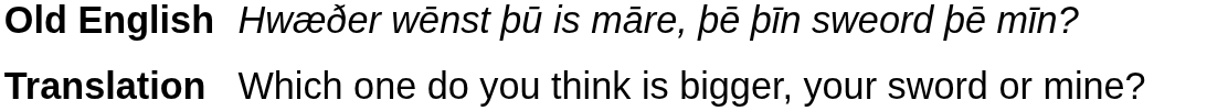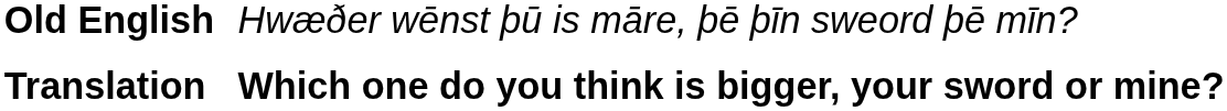 <table border="0" cellspacing="2" cellpadding="4">
 <tr>
 <td><strong>Old English</strong></td>
 <td><em>Hwæðer wēnst þū is māre, þē þīn sweord þē mīn?</em></td>
 </tr>
 <tr>
 <td><strong>Translation</strong></td>
-<td>Which one do you think is bigger, your sword or mine?</td>
+<td><strong>Which one do you think is bigger, your sword or mine?</strong></td>
 </tr>
 </table>
